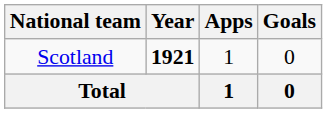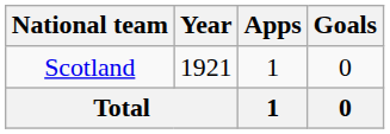 <table class="wikitable" style="text-align:center">
 <tr>
 <th>National team</th>
 <th>Year</th>
 <th>Apps</th>
 <th>Goals</th>
 </tr>
 <tr>
 <td><a href='#'>Scotland</a></td>
-<td><strong>1921</strong></td>
+<td>1921</td>
 <td>1</td>
 <td>0</td>
 </tr>
 <tr>
 <th colspan="2">Total</th>
 <th>1</th>
 <th>0</th>
 </tr>
 </table>
